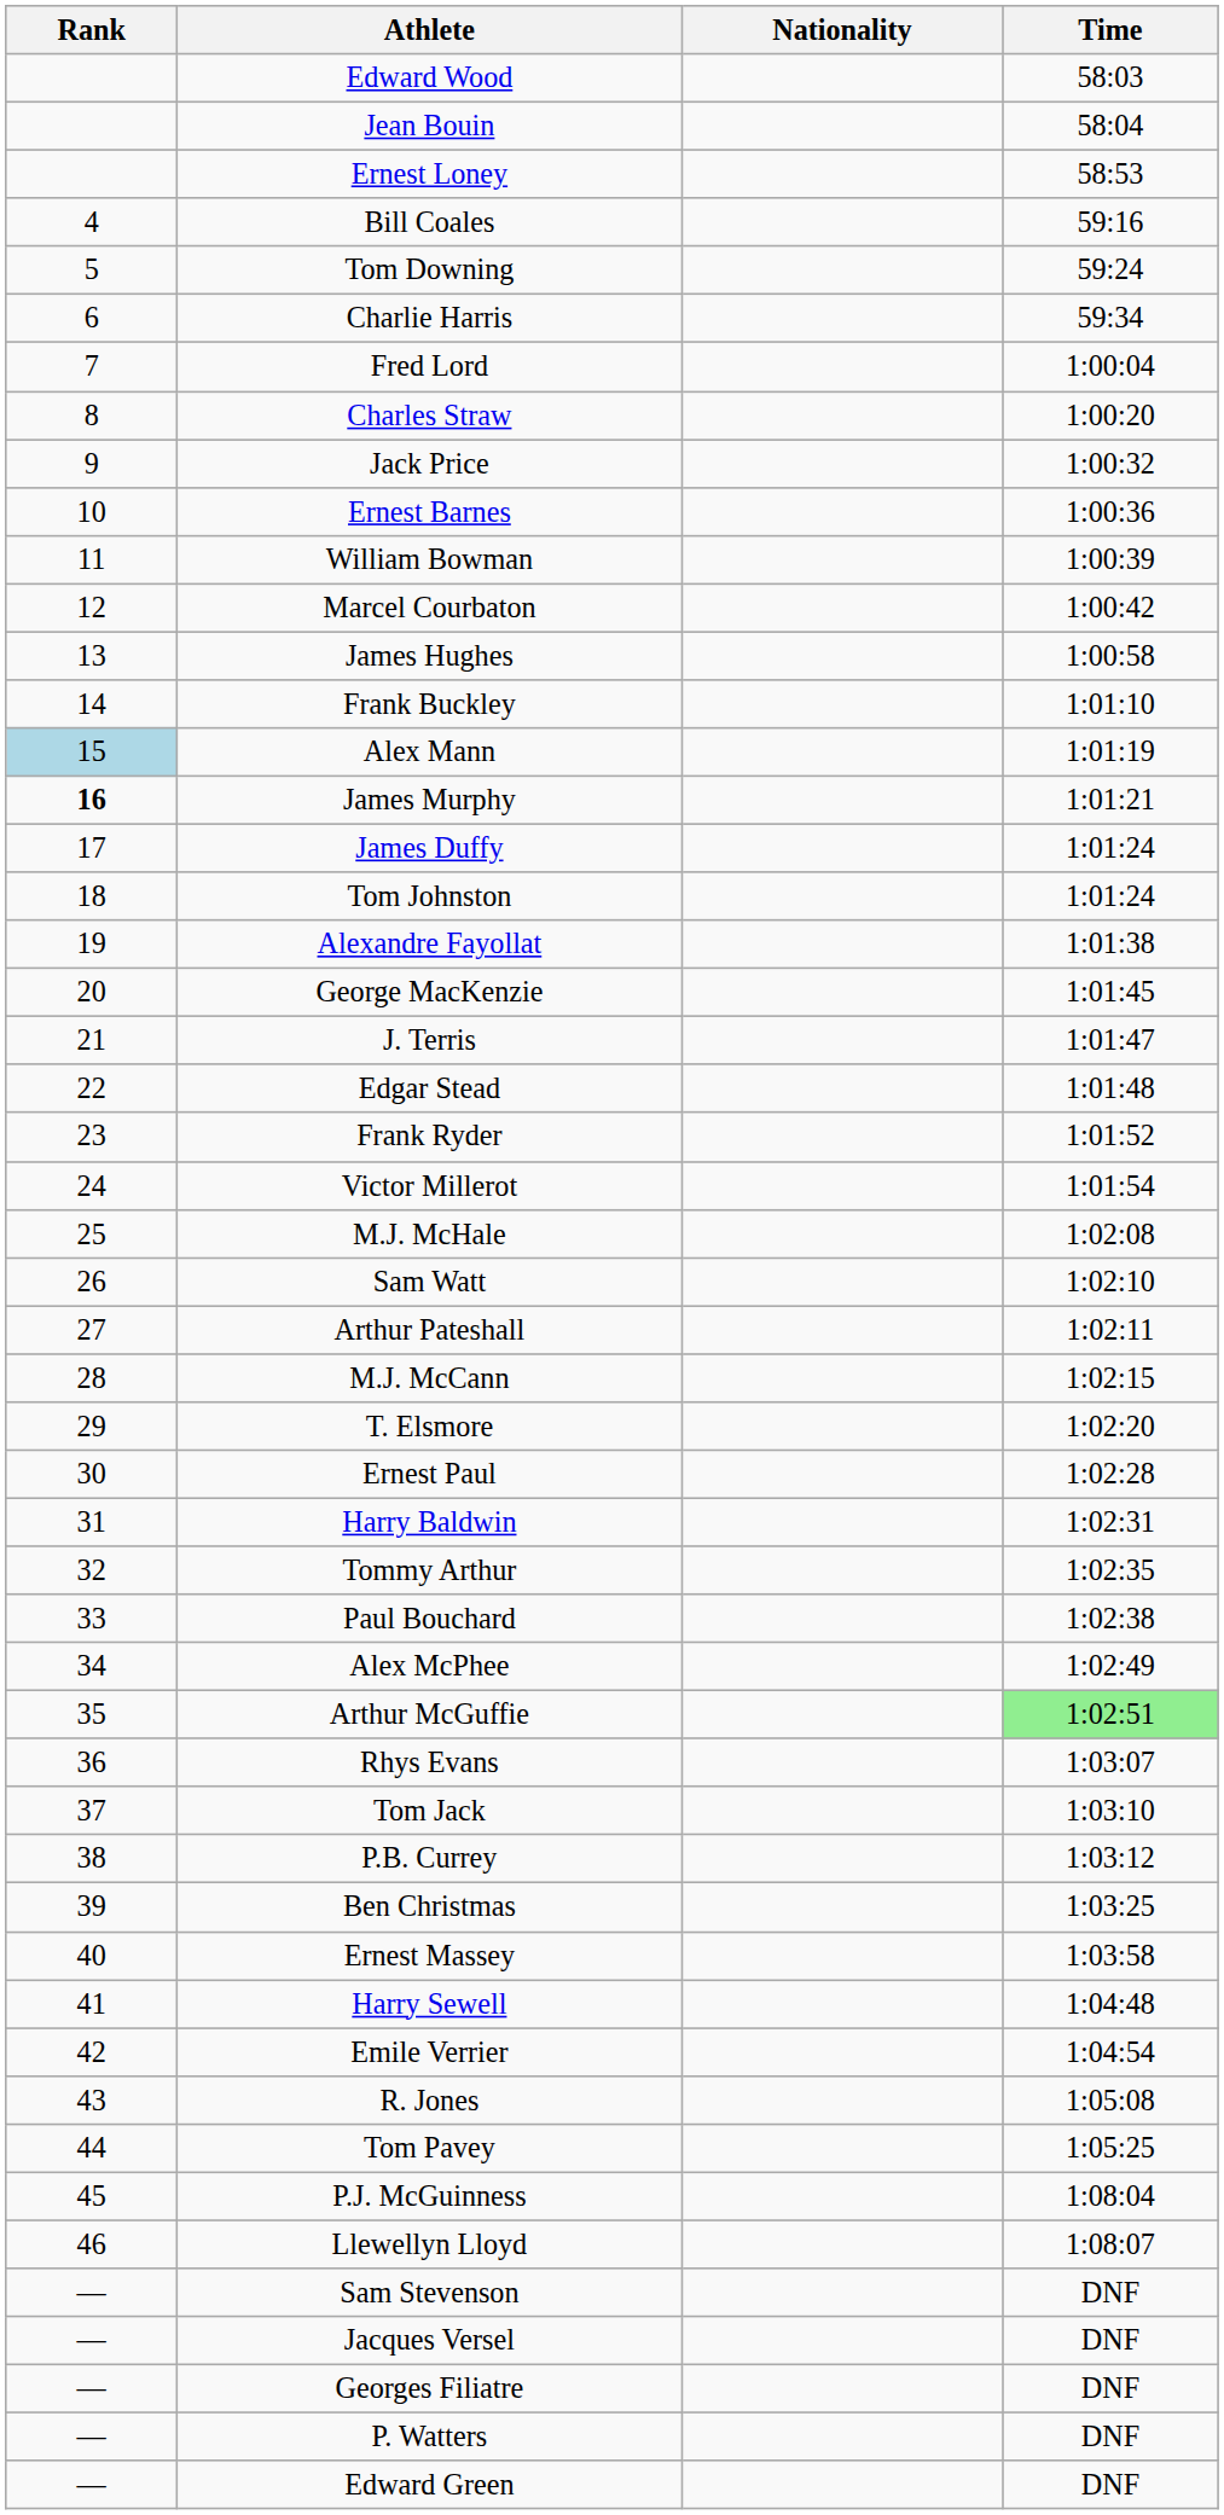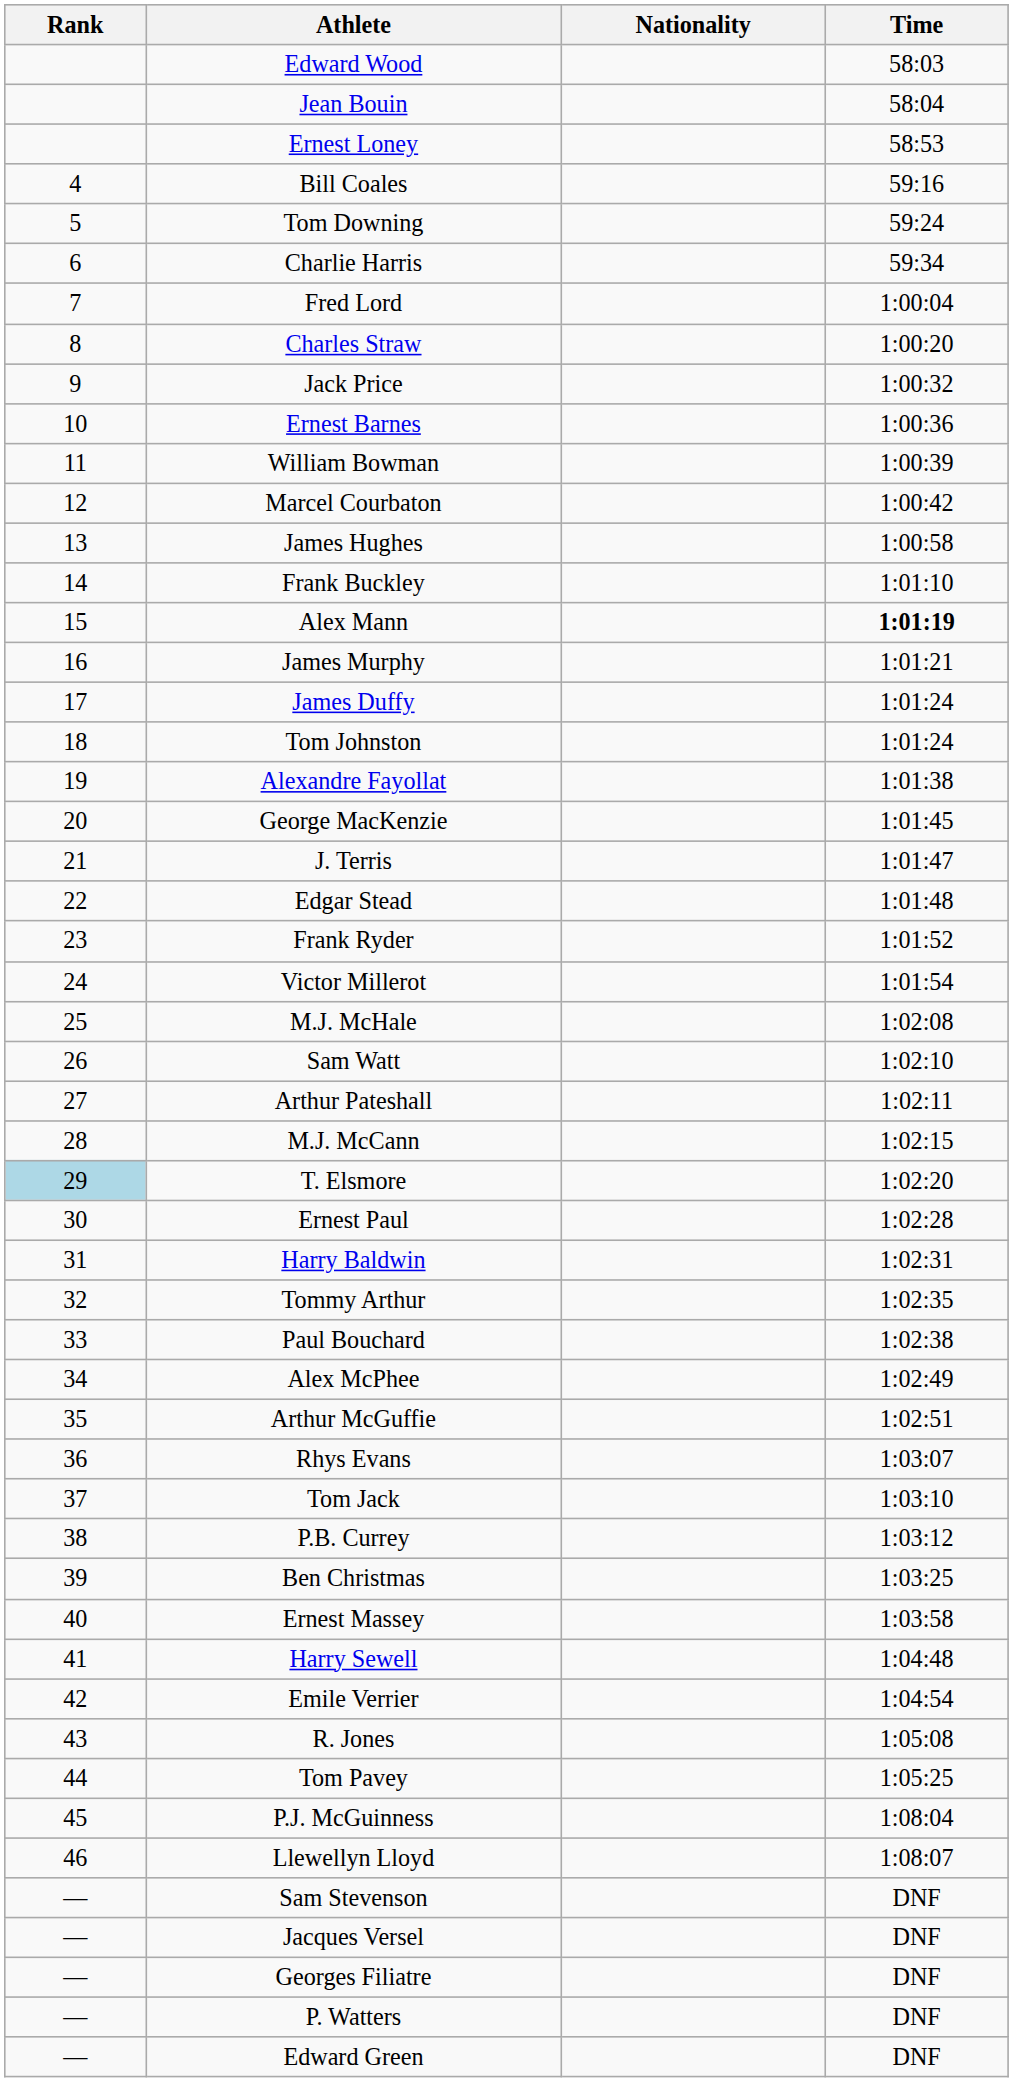 <table class="wikitable sortable" style=" text-align:center; font-size:95%;" width="50%">
 <tr>
 <th>Rank</th>
 <th>Athlete</th>
 <th>Nationality</th>
 <th>Time</th>
 </tr>
 <tr>
 <td align=center></td>
 <td><a href='#'>Edward Wood</a></td>
 <td></td>
 <td>58:03</td>
 </tr>
 <tr>
 <td align=center></td>
 <td><a href='#'>Jean Bouin</a></td>
 <td></td>
 <td>58:04</td>
 </tr>
 <tr>
 <td align=center></td>
 <td><a href='#'>Ernest Loney</a></td>
 <td></td>
 <td>58:53</td>
 </tr>
 <tr>
 <td align=center>4</td>
 <td>Bill Coales</td>
 <td></td>
 <td>59:16</td>
 </tr>
 <tr>
 <td align=center>5</td>
 <td>Tom Downing</td>
 <td></td>
 <td>59:24</td>
 </tr>
 <tr>
 <td align=center>6</td>
 <td>Charlie Harris</td>
 <td></td>
 <td>59:34</td>
 </tr>
 <tr>
 <td align=center>7</td>
 <td>Fred Lord</td>
 <td></td>
 <td>1:00:04</td>
 </tr>
 <tr>
 <td align=center>8</td>
 <td><a href='#'>Charles Straw</a></td>
 <td></td>
 <td>1:00:20</td>
 </tr>
 <tr>
 <td align=center>9</td>
 <td>Jack Price</td>
 <td></td>
 <td>1:00:32</td>
 </tr>
 <tr>
 <td align=center>10</td>
 <td><a href='#'>Ernest Barnes</a></td>
 <td></td>
 <td>1:00:36</td>
 </tr>
 <tr>
 <td align=center>11</td>
 <td>William Bowman</td>
 <td></td>
 <td>1:00:39</td>
 </tr>
 <tr>
 <td align=center>12</td>
 <td>Marcel Courbaton</td>
 <td></td>
 <td>1:00:42</td>
 </tr>
 <tr>
 <td align=center>13</td>
 <td>James Hughes</td>
 <td></td>
 <td>1:00:58</td>
 </tr>
 <tr>
 <td align=center>14</td>
 <td>Frank Buckley</td>
 <td></td>
 <td>1:01:10</td>
 </tr>
 <tr>
-<td align=center style="background: lightblue;">15</td>
+<td align=center>15</td>
 <td>Alex Mann</td>
 <td></td>
-<td>1:01:19</td>
+<td><strong>1:01:19</strong></td>
 </tr>
 <tr>
-<td align=center><strong>16</strong></td>
+<td align=center>16</td>
 <td>James Murphy</td>
 <td></td>
 <td>1:01:21</td>
 </tr>
 <tr>
 <td align=center>17</td>
 <td><a href='#'>James Duffy</a></td>
 <td></td>
 <td>1:01:24</td>
 </tr>
 <tr>
 <td align=center>18</td>
 <td>Tom Johnston</td>
 <td></td>
 <td>1:01:24</td>
 </tr>
 <tr>
 <td align=center>19</td>
 <td><a href='#'>Alexandre Fayollat</a></td>
 <td></td>
 <td>1:01:38</td>
 </tr>
 <tr>
 <td align=center>20</td>
 <td>George MacKenzie</td>
 <td></td>
 <td>1:01:45</td>
 </tr>
 <tr>
 <td align=center>21</td>
 <td>J. Terris</td>
 <td></td>
 <td>1:01:47</td>
 </tr>
 <tr>
 <td align=center>22</td>
 <td>Edgar Stead</td>
 <td></td>
 <td>1:01:48</td>
 </tr>
 <tr>
 <td align=center>23</td>
 <td>Frank Ryder</td>
 <td></td>
 <td>1:01:52</td>
 </tr>
 <tr>
 <td align=center>24</td>
 <td>Victor Millerot</td>
 <td></td>
 <td>1:01:54</td>
 </tr>
 <tr>
 <td align=center>25</td>
 <td>M.J. McHale</td>
 <td></td>
 <td>1:02:08</td>
 </tr>
 <tr>
 <td align=center>26</td>
 <td>Sam Watt</td>
 <td></td>
 <td>1:02:10</td>
 </tr>
 <tr>
 <td align=center>27</td>
 <td>Arthur Pateshall</td>
 <td></td>
 <td>1:02:11</td>
 </tr>
 <tr>
 <td align=center>28</td>
 <td>M.J. McCann</td>
 <td></td>
 <td>1:02:15</td>
 </tr>
 <tr>
-<td align=center>29</td>
+<td align=center style="background: lightblue;">29</td>
 <td>T. Elsmore</td>
 <td></td>
 <td>1:02:20</td>
 </tr>
 <tr>
 <td align=center>30</td>
 <td>Ernest Paul</td>
 <td></td>
 <td>1:02:28</td>
 </tr>
 <tr>
 <td align=center>31</td>
 <td><a href='#'>Harry Baldwin</a></td>
 <td></td>
 <td>1:02:31</td>
 </tr>
 <tr>
 <td align=center>32</td>
 <td>Tommy Arthur</td>
 <td></td>
 <td>1:02:35</td>
 </tr>
 <tr>
 <td align=center>33</td>
 <td>Paul Bouchard</td>
 <td></td>
 <td>1:02:38</td>
 </tr>
 <tr>
 <td align=center>34</td>
 <td>Alex McPhee</td>
 <td></td>
 <td>1:02:49</td>
 </tr>
 <tr>
 <td align=center>35</td>
 <td>Arthur McGuffie</td>
 <td></td>
-<td style="background: lightgreen;">1:02:51</td>
+<td>1:02:51</td>
 </tr>
 <tr>
 <td align=center>36</td>
 <td>Rhys Evans</td>
 <td></td>
 <td>1:03:07</td>
 </tr>
 <tr>
 <td align=center>37</td>
 <td>Tom Jack</td>
 <td></td>
 <td>1:03:10</td>
 </tr>
 <tr>
 <td align=center>38</td>
 <td>P.B. Currey</td>
 <td></td>
 <td>1:03:12</td>
 </tr>
 <tr>
 <td align=center>39</td>
 <td>Ben Christmas</td>
 <td></td>
 <td>1:03:25</td>
 </tr>
 <tr>
 <td align=center>40</td>
 <td>Ernest Massey</td>
 <td></td>
 <td>1:03:58</td>
 </tr>
 <tr>
 <td align=center>41</td>
 <td><a href='#'>Harry Sewell</a></td>
 <td></td>
 <td>1:04:48</td>
 </tr>
 <tr>
 <td align=center>42</td>
 <td>Emile Verrier</td>
 <td></td>
 <td>1:04:54</td>
 </tr>
 <tr>
 <td align=center>43</td>
 <td>R. Jones</td>
 <td></td>
 <td>1:05:08</td>
 </tr>
 <tr>
 <td align=center>44</td>
 <td>Tom Pavey</td>
 <td></td>
 <td>1:05:25</td>
 </tr>
 <tr>
 <td align=center>45</td>
 <td>P.J. McGuinness</td>
 <td></td>
 <td>1:08:04</td>
 </tr>
 <tr>
 <td align=center>46</td>
 <td>Llewellyn Lloyd</td>
 <td></td>
 <td>1:08:07</td>
 </tr>
 <tr>
 <td align=center>—</td>
 <td>Sam Stevenson</td>
 <td></td>
 <td>DNF</td>
 </tr>
 <tr>
 <td align=center>—</td>
 <td>Jacques Versel</td>
 <td></td>
 <td>DNF</td>
 </tr>
 <tr>
 <td align=center>—</td>
 <td>Georges Filiatre</td>
 <td></td>
 <td>DNF</td>
 </tr>
 <tr>
 <td align=center>—</td>
 <td>P. Watters</td>
 <td></td>
 <td>DNF</td>
 </tr>
 <tr>
 <td align=center>—</td>
 <td>Edward Green</td>
 <td></td>
 <td>DNF</td>
 </tr>
 </table>
